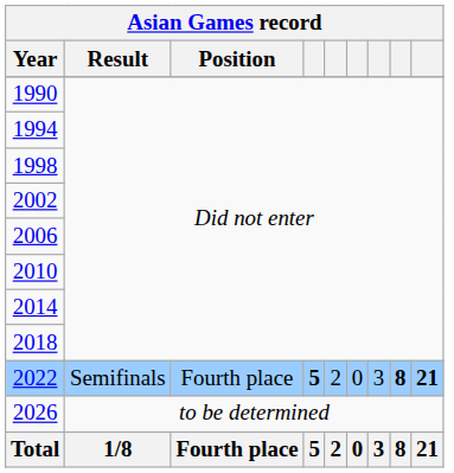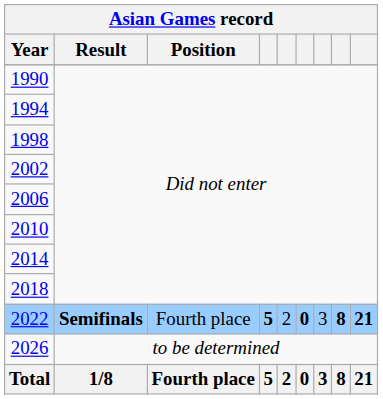 <table class="wikitable" style="text-align: center;">
 <tr>
 <th colspan=9><a href='#'>Asian Games</a> record</th>
 </tr>
 <tr>
 <th>Year</th>
 <th>Result</th>
 <th>Position</th>
 <th></th>
 <th></th>
 <th></th>
 <th></th>
 <th></th>
 <th></th>
 </tr>
 <tr style="background:#cfaa88;">
 </tr>
 <tr>
 <td> <a href='#'>1990</a></td>
 <td colspan=8 rowspan=8><em>Did not enter</em></td>
 </tr>
 <tr>
 <td> <a href='#'>1994</a></td>
 </tr>
 <tr>
 <td> <a href='#'>1998</a></td>
 </tr>
 <tr>
 <td> <a href='#'>2002</a></td>
 </tr>
 <tr>
 <td> <a href='#'>2006</a></td>
 </tr>
 <tr>
 <td> <a href='#'>2010</a></td>
 </tr>
 <tr>
 <td> <a href='#'>2014</a></td>
 </tr>
 <tr>
 <td> <a href='#'>2018</a></td>
 </tr>
 <tr style="background:#9acdff;">
 <td> <a href='#'>2022</a></td>
-<td>Semifinals</td>
+<td><strong>Semifinals</strong></td>
 <td>Fourth place</td>
 <td><strong>5</strong></td>
 <td>2</td>
-<td>0</td>
+<td><strong>0</strong></td>
 <td>3</td>
 <td><strong>8</strong></td>
 <td><strong>21</strong></td>
 </tr>
 <tr>
 <td> <a href='#'>2026</a></td>
 <td colspan=8><em>to be determined</em></td>
 </tr>
 <tr>
 <th>Total</th>
 <th>1/8</th>
 <th>Fourth place</th>
 <th>5</th>
 <th>2</th>
 <th>0</th>
 <th>3</th>
 <th>8</th>
 <th>21</th>
 </tr>
 </table>
